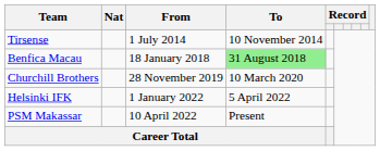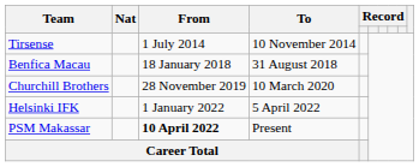 <table class="wikitable" tyle="text-align: center">
 <tr>
 <th rowspan=2>Team</th>
 <th rowspan=2>Nat</th>
 <th rowspan=2>From</th>
 <th rowspan=2>To</th>
 <th colspan=5>Record</th>
 <th rowspan="2"></th>
 </tr>
 <tr>
 <th></th>
 <th></th>
 <th></th>
 <th></th>
 <th></th>
 </tr>
 <tr>
 <td align=left><a href='#'>Tirsense</a></td>
 <td></td>
 <td align=left>1 July 2014</td>
 <td align=left>10 November 2014<br></td>
 <td></td>
 </tr>
 <tr>
 <td align=left><a href='#'>Benfica Macau</a></td>
 <td></td>
 <td align=left>18 January 2018</td>
-<td align=left style="background: lightgreen;">31 August 2018<br></td>
+<td align=left>31 August 2018<br></td>
 <td></td>
 </tr>
 <tr>
 <td align=left><a href='#'>Churchill Brothers</a></td>
 <td></td>
 <td align=left>28 November 2019</td>
 <td align=left>10 March 2020<br></td>
 <td></td>
 </tr>
 <tr>
 <td align=left><a href='#'>Helsinki IFK</a></td>
 <td></td>
 <td align=left>1 January 2022</td>
 <td align=left>5 April 2022<br></td>
 <td></td>
 </tr>
 <tr>
 <td align=left><a href='#'>PSM Makassar</a></td>
 <td></td>
-<td align=left>10 April 2022</td>
+<td align=left><strong>10 April 2022</strong></td>
 <td align=left>Present<br></td>
 <td></td>
 </tr>
 <tr>
 <th colspan=4>Career Total<br></th>
 <th></th>
 </tr>
 </table>
